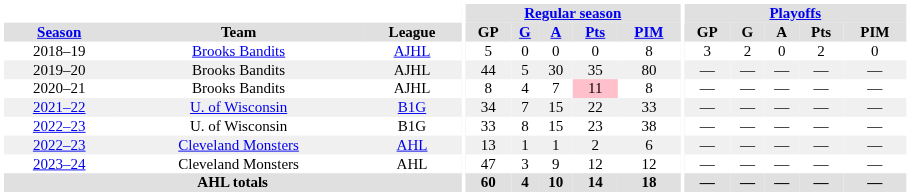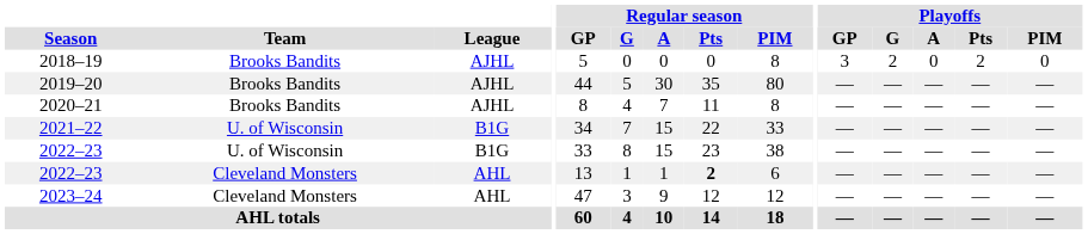 <table border="0" cellpadding="1" cellspacing="0" style="text-align:center; width:60em">
 <tr bgcolor="#e0e0e0">
 <th colspan="3" bgcolor="#ffffff"></th>
 <th rowspan="99" bgcolor="#ffffff"></th>
 <th colspan="5"><a href='#'>Regular season</a></th>
 <th rowspan="99" bgcolor="#ffffff"></th>
 <th colspan="5"><a href='#'>Playoffs</a></th>
 </tr>
 <tr bgcolor="#e0e0e0">
 <th><a href='#'>Season</a></th>
 <th>Team</th>
 <th>League</th>
 <th>GP</th>
 <th><a href='#'>G</a></th>
 <th><a href='#'>A</a></th>
 <th><a href='#'>Pts</a></th>
 <th><a href='#'>PIM</a></th>
 <th>GP</th>
 <th>G</th>
 <th>A</th>
 <th>Pts</th>
 <th>PIM</th>
 </tr>
 <tr>
 <td>2018–19</td>
 <td><a href='#'>Brooks Bandits</a></td>
 <td><a href='#'>AJHL</a></td>
 <td>5</td>
 <td>0</td>
 <td>0</td>
 <td>0</td>
 <td>8</td>
 <td>3</td>
 <td>2</td>
 <td>0</td>
 <td>2</td>
 <td>0</td>
 </tr>
 <tr bgcolor="#f0f0f0">
 <td>2019–20</td>
 <td>Brooks Bandits</td>
 <td>AJHL</td>
 <td>44</td>
 <td>5</td>
 <td>30</td>
 <td>35</td>
 <td>80</td>
 <td>—</td>
 <td>—</td>
 <td>—</td>
 <td>—</td>
 <td>—</td>
 </tr>
 <tr>
 <td>2020–21</td>
 <td>Brooks Bandits</td>
 <td>AJHL</td>
 <td>8</td>
 <td>4</td>
 <td>7</td>
-<td style="background: pink;">11</td>
+<td>11</td>
 <td>8</td>
 <td>—</td>
 <td>—</td>
 <td>—</td>
 <td>—</td>
 <td>—</td>
 </tr>
 <tr bgcolor="#f0f0f0">
 <td><a href='#'>2021–22</a></td>
 <td><a href='#'>U. of Wisconsin</a></td>
 <td><a href='#'>B1G</a></td>
 <td>34</td>
 <td>7</td>
 <td>15</td>
 <td>22</td>
 <td>33</td>
 <td>—</td>
 <td>—</td>
 <td>—</td>
 <td>—</td>
 <td>—</td>
 </tr>
 <tr>
 <td><a href='#'>2022–23</a></td>
 <td>U. of Wisconsin</td>
 <td>B1G</td>
 <td>33</td>
 <td>8</td>
 <td>15</td>
 <td>23</td>
 <td>38</td>
 <td>—</td>
 <td>—</td>
 <td>—</td>
 <td>—</td>
 <td>—</td>
 </tr>
 <tr bgcolor="#f0f0f0">
 <td><a href='#'>2022–23</a></td>
 <td><a href='#'>Cleveland Monsters</a></td>
 <td><a href='#'>AHL</a></td>
 <td>13</td>
 <td>1</td>
 <td>1</td>
-<td>2</td>
+<td><strong>2</strong></td>
 <td>6</td>
 <td>—</td>
 <td>—</td>
 <td>—</td>
 <td>—</td>
 <td>—</td>
 </tr>
 <tr>
 <td><a href='#'>2023–24</a></td>
 <td>Cleveland Monsters</td>
 <td>AHL</td>
 <td>47</td>
 <td>3</td>
 <td>9</td>
 <td>12</td>
 <td>12</td>
 <td>—</td>
 <td>—</td>
 <td>—</td>
 <td>—</td>
 <td>—</td>
 </tr>
 <tr bgcolor="#e0e0e0">
 <th colspan="3">AHL totals</th>
 <th>60</th>
 <th>4</th>
 <th>10</th>
 <th>14</th>
 <th>18</th>
 <th>—</th>
 <th>—</th>
 <th>—</th>
 <th>—</th>
 <th>—</th>
 </tr>
 </table>
